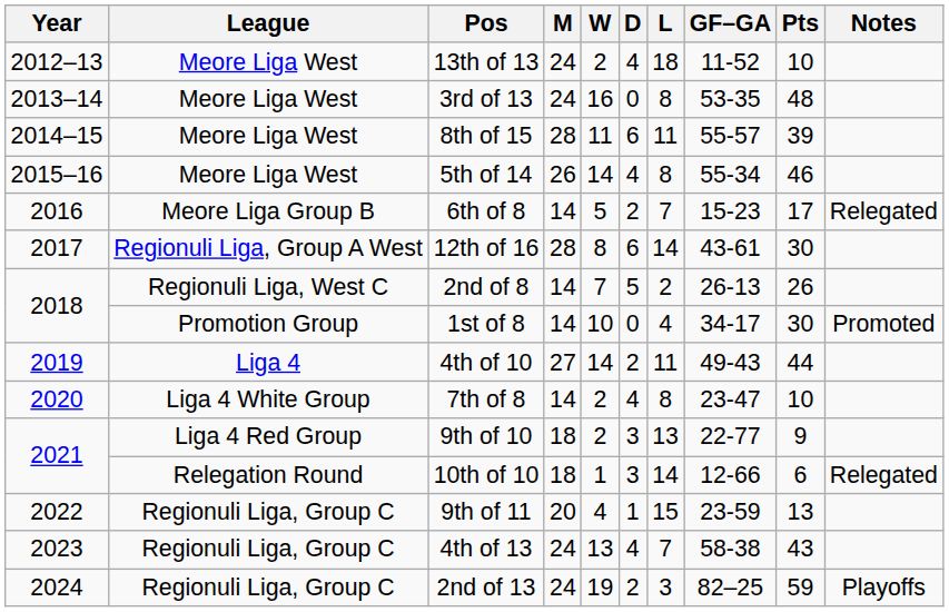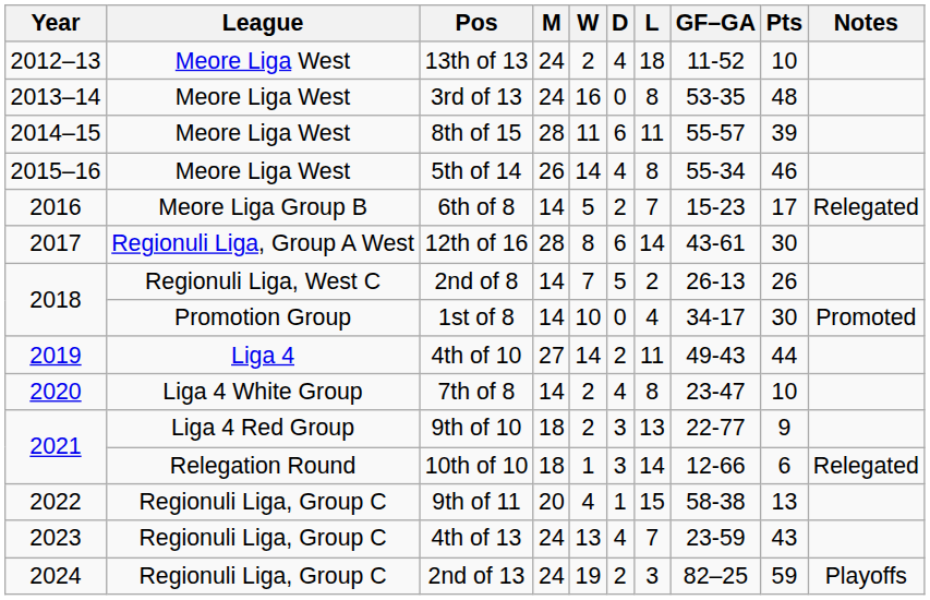 <table class="wikitable" style="text-align: center">
 <tr>
 <th>Year</th>
 <th>League</th>
 <th>Pos</th>
 <th>M</th>
 <th>W</th>
 <th>D</th>
 <th>L</th>
 <th>GF–GA</th>
 <th>Pts</th>
 <th>Notes</th>
 </tr>
 <tr>
 <td>2012–13</td>
 <td><a href='#'>Meore Liga</a> West</td>
 <td>13th of 13</td>
 <td>24</td>
 <td>2</td>
 <td>4</td>
 <td>18</td>
 <td>11-52</td>
 <td>10</td>
 <td></td>
 </tr>
 <tr>
 <td>2013–14</td>
 <td>Meore Liga West</td>
 <td>3rd of 13</td>
 <td>24</td>
 <td>16</td>
 <td>0</td>
 <td>8</td>
 <td>53-35</td>
 <td>48</td>
 <td></td>
 </tr>
 <tr>
 <td>2014–15</td>
 <td>Meore Liga West</td>
 <td>8th of 15</td>
 <td>28</td>
 <td>11</td>
 <td>6</td>
 <td>11</td>
 <td>55-57</td>
 <td>39</td>
 <td></td>
 </tr>
 <tr>
 <td>2015–16</td>
 <td>Meore Liga West</td>
 <td>5th of 14</td>
 <td>26</td>
 <td>14</td>
 <td>4</td>
 <td>8</td>
 <td>55-34</td>
 <td>46</td>
 <td></td>
 </tr>
 <tr>
 <td>2016</td>
 <td>Meore Liga Group B</td>
 <td>6th of 8</td>
 <td>14</td>
 <td>5</td>
 <td>2</td>
 <td>7</td>
 <td>15-23</td>
 <td>17</td>
 <td>Relegated</td>
 </tr>
 <tr>
 <td>2017</td>
 <td><a href='#'>Regionuli Liga</a>, Group A West</td>
 <td>12th of 16</td>
 <td>28</td>
 <td>8</td>
 <td>6</td>
 <td>14</td>
 <td>43-61</td>
 <td>30</td>
 <td></td>
 </tr>
 <tr>
 <td rowspan='2'>2018</td>
 <td>Regionuli Liga, West C</td>
 <td>2nd of 8</td>
 <td>14</td>
 <td>7</td>
 <td>5</td>
 <td>2</td>
 <td>26-13</td>
 <td>26</td>
 </tr>
 <tr>
 <td>Promotion Group</td>
 <td>1st of 8</td>
 <td>14</td>
 <td>10</td>
 <td>0</td>
 <td>4</td>
 <td>34-17</td>
 <td>30</td>
 <td>Promoted</td>
 </tr>
 <tr>
 <td><a href='#'>2019</a></td>
 <td><a href='#'>Liga 4</a></td>
 <td>4th of 10</td>
 <td>27</td>
 <td>14</td>
 <td>2</td>
 <td>11</td>
 <td>49-43</td>
 <td>44</td>
 <td></td>
 </tr>
 <tr>
 <td><a href='#'>2020</a></td>
 <td>Liga 4 White Group</td>
 <td>7th of 8</td>
 <td>14</td>
 <td>2</td>
 <td>4</td>
 <td>8</td>
 <td>23-47</td>
 <td>10</td>
 <td></td>
 </tr>
 <tr>
 <td rowspan='2'><a href='#'>2021</a></td>
 <td>Liga 4 Red Group</td>
 <td>9th of 10</td>
 <td>18</td>
 <td>2</td>
 <td>3</td>
 <td>13</td>
 <td>22-77</td>
 <td>9</td>
 <td></td>
 </tr>
 <tr>
 <td>Relegation Round</td>
 <td>10th of 10</td>
 <td>18</td>
 <td>1</td>
 <td>3</td>
 <td>14</td>
 <td>12-66</td>
 <td>6</td>
 <td>Relegated</td>
 </tr>
 <tr>
 <td>2022</td>
 <td>Regionuli Liga, Group C</td>
 <td>9th of 11</td>
 <td>20</td>
 <td>4</td>
 <td>1</td>
 <td>15</td>
-<td>23-59</td>
+<td>58-38</td>
 <td>13</td>
 <td></td>
 </tr>
 <tr>
 <td>2023</td>
 <td>Regionuli Liga, Group C</td>
 <td>4th of 13</td>
 <td>24</td>
 <td>13</td>
 <td>4</td>
 <td>7</td>
-<td>58-38</td>
+<td>23-59</td>
 <td>43</td>
 <td></td>
 </tr>
 <tr>
 <td>2024</td>
 <td>Regionuli Liga, Group C</td>
 <td>2nd of 13</td>
 <td>24</td>
 <td>19</td>
 <td>2</td>
 <td>3</td>
 <td>82–25</td>
 <td>59</td>
 <td>Playoffs</td>
 </tr>
 </table>
